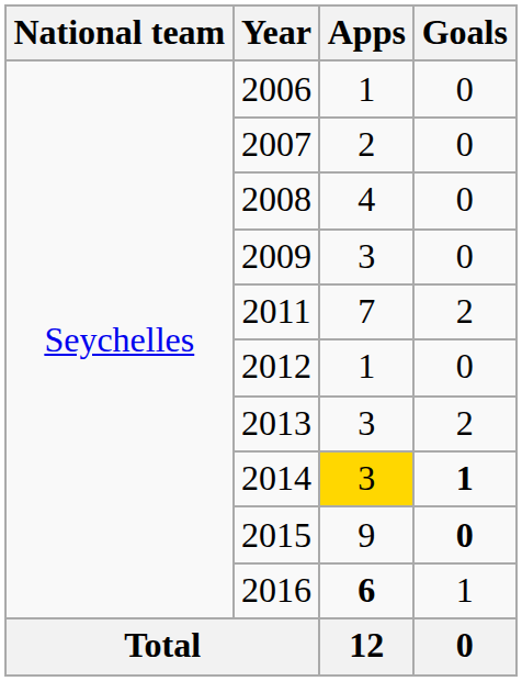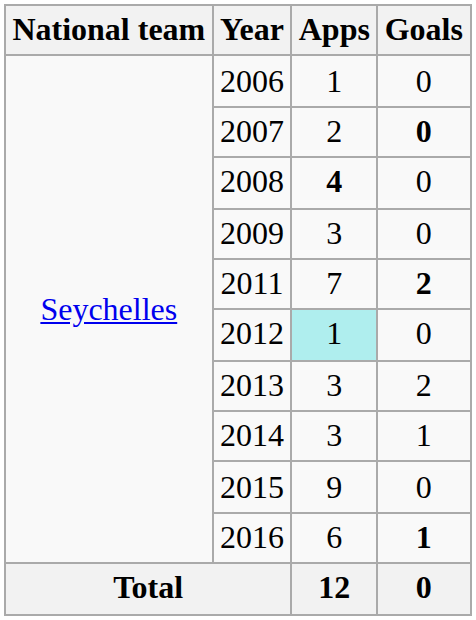 <table class="wikitable" style="text-align:center">
 <tr>
 <th>National team</th>
 <th>Year</th>
 <th>Apps</th>
 <th>Goals</th>
 </tr>
 <tr>
 <td rowspan="10"><a href='#'>Seychelles</a></td>
 <td>2006</td>
 <td>1</td>
 <td>0</td>
 </tr>
 <tr>
 <td>2007</td>
 <td>2</td>
-<td>0</td>
+<td><strong>0</strong></td>
 </tr>
 <tr>
 <td>2008</td>
-<td>4</td>
+<td><strong>4</strong></td>
 <td>0</td>
 </tr>
 <tr>
 <td>2009</td>
 <td>3</td>
 <td>0</td>
 </tr>
 <tr>
 <td>2011</td>
 <td>7</td>
-<td>2</td>
+<td><strong>2</strong></td>
 </tr>
 <tr>
 <td>2012</td>
-<td>1</td>
+<td style="background: paleturquoise;">1</td>
 <td>0</td>
 </tr>
 <tr>
 <td>2013</td>
 <td>3</td>
 <td>2</td>
 </tr>
 <tr>
 <td>2014</td>
-<td style="background: gold;">3</td>
-<td><strong>1</strong></td>
+<td>3</td>
+<td>1</td>
 </tr>
 <tr>
 <td>2015</td>
 <td>9</td>
-<td><strong>0</strong></td>
+<td>0</td>
 </tr>
 <tr>
 <td>2016</td>
-<td><strong>6</strong></td>
-<td>1</td>
+<td>6</td>
+<td><strong>1</strong></td>
 </tr>
 <tr>
 <th colspan=2>Total</th>
 <th>12</th>
 <th>0</th>
 </tr>
 </table>
